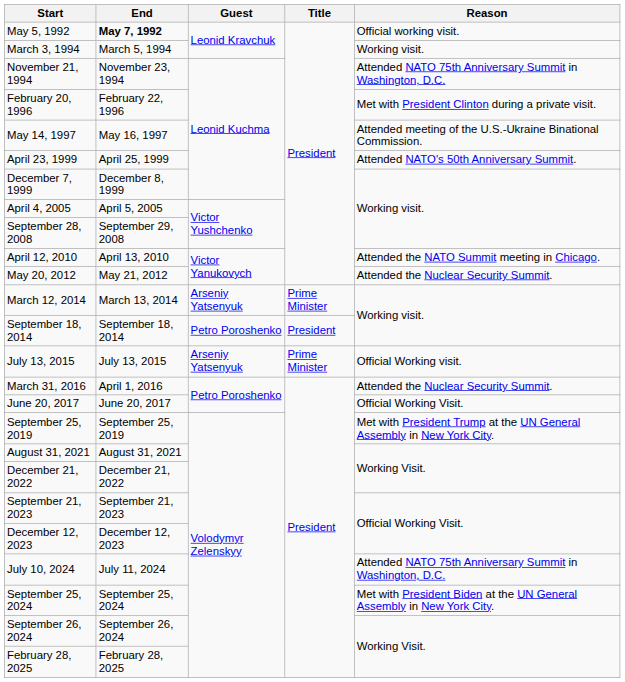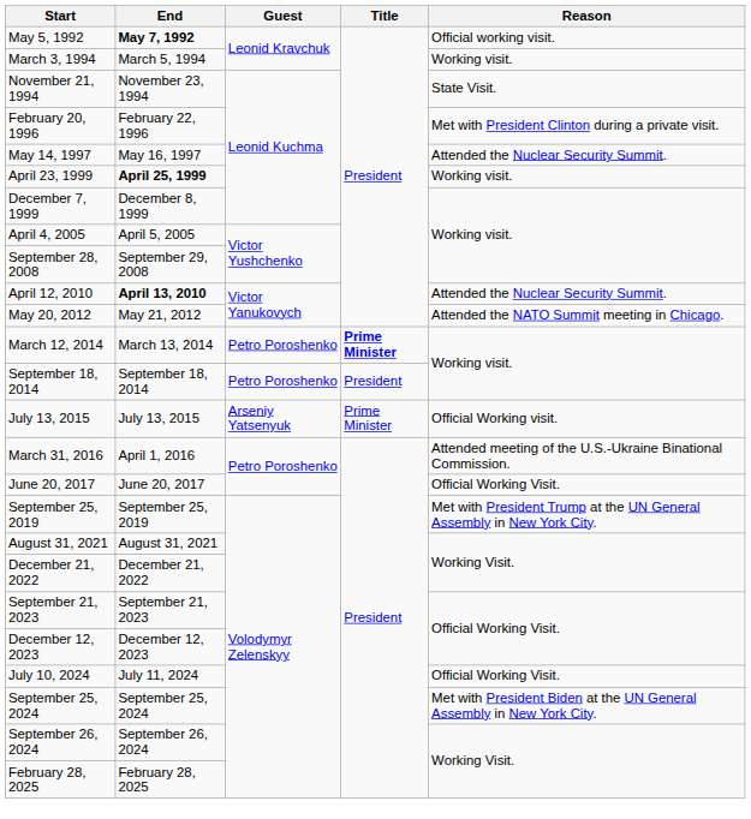 <table class="wikitable sortable">
 <tr>
 <th>Start</th>
 <th>End</th>
 <th>Guest</th>
 <th>Title</th>
 <th>Reason</th>
 </tr>
 <tr>
 <td>May 5, 1992</td>
 <td><strong>May 7, 1992</strong></td>
 <td rowspan=2><a href='#'>Leonid Kravchuk</a></td>
 <td rowspan=11><a href='#'>President</a></td>
 <td>Official working visit.</td>
 </tr>
 <tr>
 <td>March 3, 1994</td>
 <td>March 5, 1994</td>
 <td>Working visit.</td>
 </tr>
 <tr>
 <td>November 21, 1994</td>
 <td>November 23, 1994</td>
 <td rowspan=5><a href='#'>Leonid Kuchma</a></td>
-<td>Attended <a href='#'>NATO 75th Anniversary Summit</a> in <a href='#'>Washington, D.C.</a></td>
+<td>State Visit.</td>
 </tr>
 <tr>
 <td>February 20, 1996</td>
 <td>February 22, 1996</td>
 <td>Met with <a href='#'>President Clinton</a> during a private visit.</td>
 </tr>
 <tr>
 <td>May 14, 1997</td>
 <td>May 16, 1997</td>
-<td>Attended meeting of the U.S.-Ukraine Binational Commission.</td>
+<td>Attended the <a href='#'>Nuclear Security Summit</a>.</td>
 </tr>
 <tr>
 <td>April 23, 1999</td>
-<td>April 25, 1999</td>
-<td>Attended <a href='#'>NATO's 50th Anniversary Summit</a>.</td>
+<td><strong>April 25, 1999</strong></td>
+<td>Working visit.</td>
 </tr>
 <tr>
 <td>December 7, 1999</td>
 <td>December 8, 1999</td>
 <td rowspan=3>Working visit.</td>
 </tr>
 <tr>
 <td>April 4, 2005</td>
 <td>April 5, 2005</td>
 <td rowspan=2><a href='#'>Victor Yushchenko</a></td>
 </tr>
 <tr>
 <td>September 28, 2008</td>
 <td>September 29, 2008</td>
 </tr>
 <tr>
 <td>April 12, 2010</td>
-<td>April 13, 2010</td>
+<td><strong>April 13, 2010</strong></td>
 <td rowspan=2><a href='#'>Victor Yanukovych</a></td>
-<td>Attended the <a href='#'>NATO Summit</a> meeting in <a href='#'>Chicago</a>.</td>
+<td>Attended the <a href='#'>Nuclear Security Summit</a>.</td>
 </tr>
 <tr>
 <td>May 20, 2012</td>
 <td>May 21, 2012</td>
-<td>Attended the <a href='#'>Nuclear Security Summit</a>.</td>
+<td>Attended the <a href='#'>NATO Summit</a> meeting in <a href='#'>Chicago</a>.</td>
 </tr>
 <tr>
 <td>March 12, 2014</td>
 <td>March 13, 2014</td>
-<td><a href='#'>Arseniy Yatsenyuk</a></td>
-<td><a href='#'>Prime Minister</a></td>
+<td><a href='#'>Petro Poroshenko</a></td>
+<td><strong><a href='#'>Prime Minister</a></strong></td>
 <td rowspan=2>Working visit.</td>
 </tr>
 <tr>
 <td>September 18, 2014</td>
 <td>September 18, 2014</td>
 <td><a href='#'>Petro Poroshenko</a></td>
 <td><a href='#'>President</a></td>
 </tr>
 <tr>
 <td>July 13, 2015</td>
 <td>July 13, 2015</td>
 <td><a href='#'>Arseniy Yatsenyuk</a></td>
 <td><a href='#'>Prime Minister</a></td>
 <td>Official Working visit.</td>
 </tr>
 <tr>
 <td>March 31, 2016</td>
 <td>April 1, 2016</td>
 <td rowspan=2><a href='#'>Petro Poroshenko</a></td>
 <td rowspan=12><a href='#'>President</a></td>
-<td>Attended the <a href='#'>Nuclear Security Summit</a>.</td>
+<td>Attended meeting of the U.S.-Ukraine Binational Commission.</td>
 </tr>
 <tr>
 <td>June 20, 2017</td>
 <td>June 20, 2017</td>
 <td>Official Working Visit.</td>
 </tr>
 <tr>
 <td>September 25, 2019</td>
 <td>September 25, 2019</td>
 <td rowspan=10><a href='#'>Volodymyr Zelenskyy</a></td>
 <td>Met with <a href='#'>President Trump</a> at the <a href='#'>UN General Assembly</a> in <a href='#'>New York City</a>.</td>
 </tr>
 <tr>
 <td>August 31, 2021</td>
 <td>August 31, 2021</td>
 <td rowspan=2>Working Visit.</td>
 </tr>
 <tr>
 <td>December 21, 2022</td>
 <td>December 21, 2022</td>
 </tr>
 <tr>
 <td>September 21, 2023</td>
 <td>September 21, 2023</td>
 <td rowspan=2>Official Working Visit.</td>
 </tr>
 <tr>
 <td>December 12, 2023</td>
 <td>December 12, 2023</td>
 </tr>
 <tr>
 <td>July 10, 2024</td>
 <td>July 11, 2024</td>
-<td>Attended <a href='#'>NATO 75th Anniversary Summit</a> in <a href='#'>Washington, D.C.</a></td>
+<td>Official Working Visit.</td>
 </tr>
 <tr>
 <td>September 25, 2024</td>
 <td>September 25, 2024</td>
 <td>Met with <a href='#'>President Biden</a> at the <a href='#'>UN General Assembly</a> in <a href='#'>New York City</a>.</td>
 </tr>
 <tr>
 <td>September 26, 2024</td>
 <td>September 26, 2024</td>
 <td rowspan=2>Working Visit.</td>
 </tr>
 <tr>
 <td>February 28, 2025</td>
 <td>February 28, 2025</td>
 </tr>
 </table>
